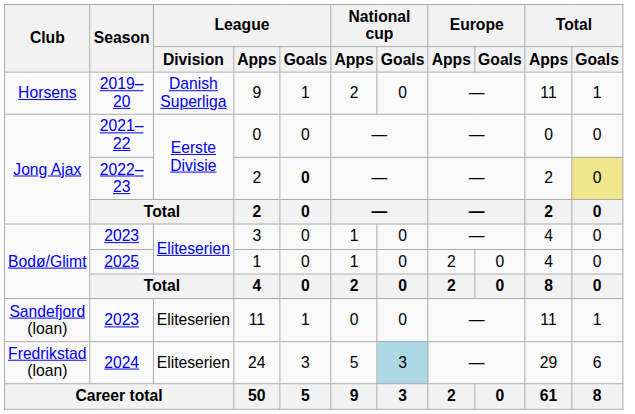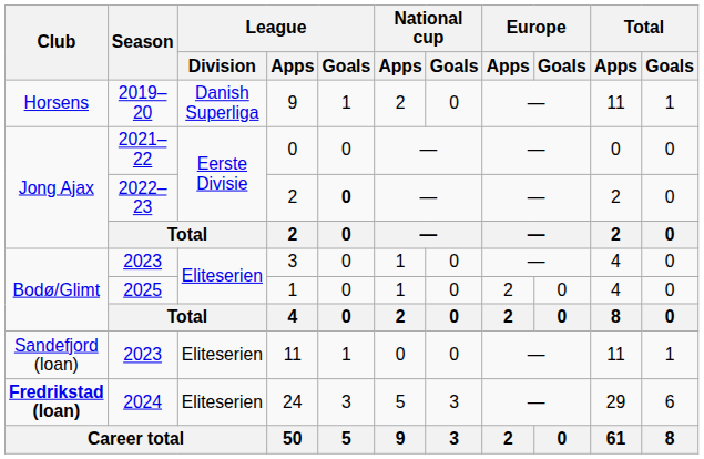 <table class="wikitable" style="text-align:center">
 <tr>
 <th rowspan="2">Club</th>
 <th rowspan="2">Season</th>
 <th colspan="3">League</th>
 <th colspan="2">National cup</th>
 <th colspan="2">Europe</th>
 <th colspan="2">Total</th>
 </tr>
 <tr>
 <th>Division</th>
 <th>Apps</th>
 <th>Goals</th>
 <th>Apps</th>
 <th>Goals</th>
 <th>Apps</th>
 <th>Goals</th>
 <th>Apps</th>
 <th>Goals</th>
 </tr>
 <tr>
 <td><a href='#'>Horsens</a></td>
 <td><a href='#'>2019–20</a></td>
 <td><a href='#'>Danish Superliga</a></td>
 <td>9</td>
 <td>1</td>
 <td>2</td>
 <td>0</td>
 <td colspan="2">—</td>
 <td>11</td>
 <td>1</td>
 </tr>
 <tr>
 <td rowspan="3"><a href='#'>Jong Ajax</a></td>
 <td><a href='#'>2021–22</a></td>
 <td rowspan="2"><a href='#'>Eerste Divisie</a></td>
 <td>0</td>
 <td>0</td>
 <td colspan="2">—</td>
 <td colspan="2">—</td>
 <td>0</td>
 <td>0</td>
 </tr>
 <tr>
 <td><a href='#'>2022–23</a></td>
 <td>2</td>
 <td><strong>0</strong></td>
 <td colspan="2">—</td>
 <td colspan="2">—</td>
 <td>2</td>
-<td style="background: khaki;">0</td>
+<td>0</td>
 </tr>
 <tr>
 <th colspan="2">Total</th>
 <th>2</th>
 <th>0</th>
 <th colspan="2">—</th>
 <th colspan="2">—</th>
 <th>2</th>
 <th>0</th>
 </tr>
 <tr>
 <td rowspan="3"><a href='#'>Bodø/Glimt</a></td>
 <td><a href='#'>2023</a></td>
 <td rowspan="2"><a href='#'>Eliteserien</a></td>
 <td>3</td>
 <td>0</td>
 <td>1</td>
 <td>0</td>
 <td colspan="2">—</td>
 <td>4</td>
 <td>0</td>
 </tr>
 <tr>
 <td><a href='#'>2025</a></td>
 <td>1</td>
 <td>0</td>
 <td>1</td>
 <td>0</td>
 <td>2</td>
 <td>0</td>
 <td>4</td>
 <td>0</td>
 </tr>
 <tr>
 <th colspan="2">Total</th>
 <th>4</th>
 <th>0</th>
 <th>2</th>
 <th>0</th>
 <th>2</th>
 <th>0</th>
 <th>8</th>
 <th>0</th>
 </tr>
 <tr>
 <td><a href='#'>Sandefjord</a> (loan)</td>
 <td><a href='#'>2023</a></td>
 <td>Eliteserien</td>
 <td>11</td>
 <td>1</td>
 <td>0</td>
 <td>0</td>
 <td colspan="2">—</td>
 <td>11</td>
 <td>1</td>
 </tr>
 <tr>
-<td><a href='#'>Fredrikstad</a> (loan)</td>
+<td><strong><a href='#'>Fredrikstad</a> (loan)</strong></td>
 <td><a href='#'>2024</a></td>
 <td>Eliteserien</td>
 <td>24</td>
 <td>3</td>
 <td>5</td>
-<td style="background: lightblue;">3</td>
+<td>3</td>
 <td colspan="2">—</td>
 <td>29</td>
 <td>6</td>
 </tr>
 <tr>
 <th colspan="3">Career total</th>
 <th>50</th>
 <th>5</th>
 <th>9</th>
 <th>3</th>
 <th>2</th>
 <th>0</th>
 <th>61</th>
 <th>8</th>
 </tr>
 </table>
